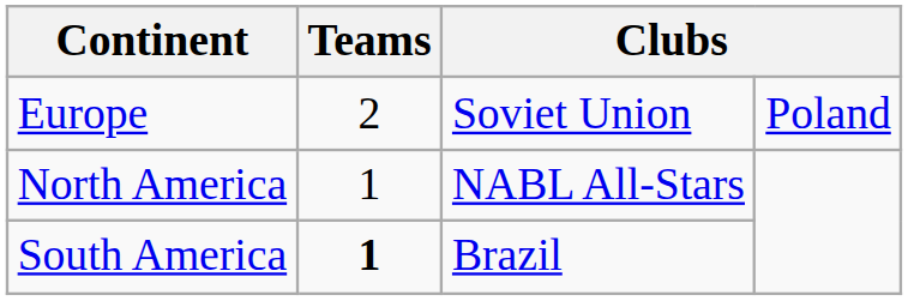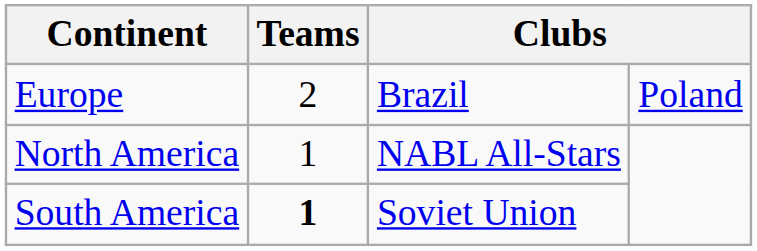 <table class="wikitable" style="margin-left:0.5em;">
 <tr>
 <th>Continent</th>
 <th>Teams</th>
 <th colspan=5>Clubs</th>
 </tr>
 <tr>
 <td><a href='#'>Europe</a></td>
 <td align=center>2</td>
-<td> <a href='#'>Soviet Union</a></td>
+<td> <a href='#'>Brazil</a></td>
 <td> <a href='#'>Poland</a></td>
 </tr>
 <tr>
 <td><a href='#'>North America</a></td>
 <td align=center>1</td>
 <td> <a href='#'>NABL All-Stars</a></td>
 </tr>
 <tr>
 <td><a href='#'>South America</a></td>
 <td align=center><strong>1</strong></td>
-<td> <a href='#'>Brazil</a></td>
+<td> <a href='#'>Soviet Union</a></td>
 </tr>
 </table>
